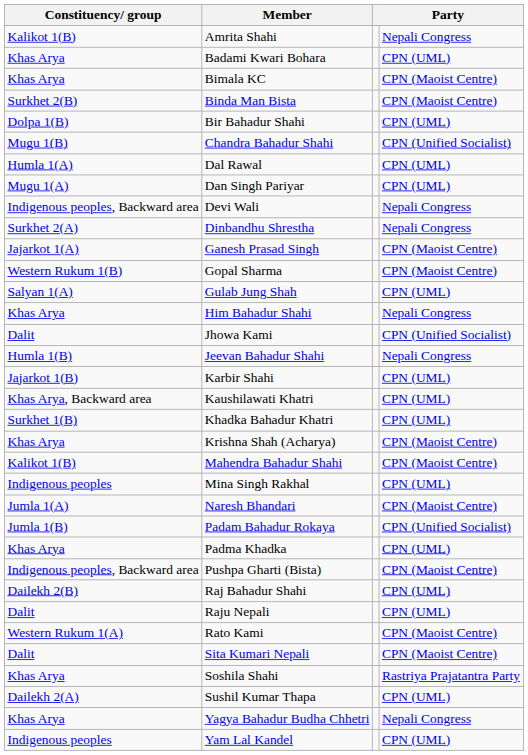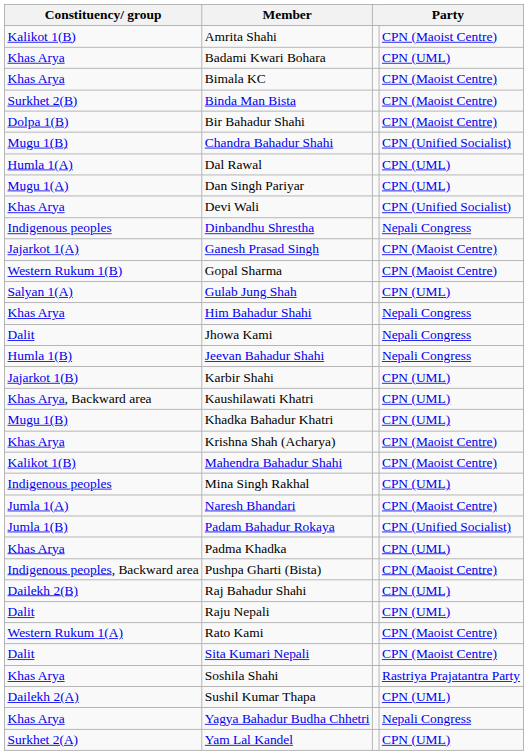 <table class="wikitable sortable">
 <tr>
 <th>Constituency/ group</th>
 <th>Member</th>
 <th colspan="2">Party</th>
 </tr>
 <tr>
 <td><a href='#'>Kalikot 1(B)</a></td>
 <td>Amrita Shahi</td>
 <td></td>
-<td><a href='#'>Nepali Congress</a></td>
+<td><a href='#'>CPN (Maoist Centre)</a></td>
 </tr>
 <tr>
 <td><a href='#'>Khas Arya</a></td>
 <td>Badami Kwari Bohara</td>
 <td></td>
 <td><a href='#'>CPN (UML)</a></td>
 </tr>
 <tr>
 <td><a href='#'>Khas Arya</a></td>
 <td>Bimala KC</td>
 <td></td>
 <td><a href='#'>CPN (Maoist Centre)</a></td>
 </tr>
 <tr>
 <td><a href='#'>Surkhet 2(B)</a></td>
 <td><a href='#'>Binda Man Bista</a></td>
 <td></td>
 <td><a href='#'>CPN (Maoist Centre)</a></td>
 </tr>
 <tr>
 <td><a href='#'>Dolpa 1(B)</a></td>
 <td>Bir Bahadur Shahi</td>
 <td></td>
-<td><a href='#'>CPN (UML)</a></td>
+<td><a href='#'>CPN (Maoist Centre)</a></td>
 </tr>
 <tr>
 <td><a href='#'>Mugu 1(B)</a></td>
 <td><a href='#'>Chandra Bahadur Shahi</a></td>
 <td></td>
 <td><a href='#'>CPN (Unified Socialist)</a></td>
 </tr>
 <tr>
 <td><a href='#'>Humla 1(A)</a></td>
 <td>Dal Rawal</td>
 <td></td>
 <td><a href='#'>CPN (UML)</a></td>
 </tr>
 <tr>
 <td><a href='#'>Mugu 1(A)</a></td>
 <td>Dan Singh Pariyar</td>
 <td></td>
 <td><a href='#'>CPN (UML)</a></td>
 </tr>
 <tr>
-<td><a href='#'>Indigenous peoples</a>, Backward area</td>
+<td><a href='#'>Khas Arya</a></td>
 <td>Devi Wali</td>
 <td></td>
-<td><a href='#'>Nepali Congress</a></td>
+<td><a href='#'>CPN (Unified Socialist)</a></td>
 </tr>
 <tr>
-<td><a href='#'>Surkhet 2(A)</a></td>
+<td><a href='#'>Indigenous peoples</a></td>
 <td><a href='#'>Dinbandhu Shrestha</a></td>
 <td></td>
 <td><a href='#'>Nepali Congress</a></td>
 </tr>
 <tr>
 <td><a href='#'>Jajarkot 1(A)</a></td>
 <td><a href='#'>Ganesh Prasad Singh</a></td>
 <td></td>
 <td><a href='#'>CPN (Maoist Centre)</a></td>
 </tr>
 <tr>
 <td><a href='#'>Western Rukum 1(B)</a></td>
 <td>Gopal Sharma</td>
 <td></td>
 <td><a href='#'>CPN (Maoist Centre)</a></td>
 </tr>
 <tr>
 <td><a href='#'>Salyan 1(A)</a></td>
 <td><a href='#'>Gulab Jung Shah</a></td>
 <td></td>
 <td><a href='#'>CPN (UML)</a></td>
 </tr>
 <tr>
 <td><a href='#'>Khas Arya</a></td>
 <td><a href='#'>Him Bahadur Shahi</a></td>
 <td></td>
 <td><a href='#'>Nepali Congress</a></td>
 </tr>
 <tr>
 <td><a href='#'>Dalit</a></td>
 <td>Jhowa Kami</td>
 <td></td>
-<td><a href='#'>CPN (Unified Socialist)</a></td>
+<td><a href='#'>Nepali Congress</a></td>
 </tr>
 <tr>
 <td><a href='#'>Humla 1(B)</a></td>
 <td><a href='#'>Jeevan Bahadur Shahi</a></td>
 <td></td>
 <td><a href='#'>Nepali Congress</a></td>
 </tr>
 <tr>
 <td><a href='#'>Jajarkot 1(B)</a></td>
 <td>Karbir Shahi</td>
 <td></td>
 <td><a href='#'>CPN (UML)</a></td>
 </tr>
 <tr>
 <td><a href='#'>Khas Arya</a>, Backward area</td>
 <td>Kaushilawati Khatri</td>
 <td></td>
 <td><a href='#'>CPN (UML)</a></td>
 </tr>
 <tr>
-<td><a href='#'>Surkhet 1(B)</a></td>
+<td><a href='#'>Mugu 1(B)</a></td>
 <td>Khadka Bahadur Khatri</td>
 <td></td>
 <td><a href='#'>CPN (UML)</a></td>
 </tr>
 <tr>
 <td><a href='#'>Khas Arya</a></td>
 <td>Krishna Shah (Acharya)</td>
 <td></td>
 <td><a href='#'>CPN (Maoist Centre)</a></td>
 </tr>
 <tr>
 <td><a href='#'>Kalikot 1(B)</a></td>
 <td><a href='#'>Mahendra Bahadur Shahi</a></td>
 <td></td>
 <td><a href='#'>CPN (Maoist Centre)</a></td>
 </tr>
 <tr>
 <td><a href='#'>Indigenous peoples</a></td>
 <td>Mina Singh Rakhal</td>
 <td></td>
 <td><a href='#'>CPN (UML)</a></td>
 </tr>
 <tr>
 <td><a href='#'>Jumla 1(A)</a></td>
 <td><a href='#'>Naresh Bhandari</a></td>
 <td></td>
 <td><a href='#'>CPN (Maoist Centre)</a></td>
 </tr>
 <tr>
 <td><a href='#'>Jumla 1(B)</a></td>
 <td><a href='#'>Padam Bahadur Rokaya</a></td>
 <td></td>
 <td><a href='#'>CPN (Unified Socialist)</a></td>
 </tr>
 <tr>
 <td><a href='#'>Khas Arya</a></td>
 <td>Padma Khadka</td>
 <td></td>
 <td><a href='#'>CPN (UML)</a></td>
 </tr>
 <tr>
 <td><a href='#'>Indigenous peoples</a>, Backward area</td>
 <td>Pushpa Gharti (Bista)</td>
 <td></td>
 <td><a href='#'>CPN (Maoist Centre)</a></td>
 </tr>
 <tr>
 <td><a href='#'>Dailekh 2(B)</a></td>
 <td>Raj Bahadur Shahi</td>
 <td></td>
 <td><a href='#'>CPN (UML)</a></td>
 </tr>
 <tr>
 <td><a href='#'>Dalit</a></td>
 <td>Raju Nepali</td>
 <td></td>
 <td><a href='#'>CPN (UML)</a></td>
 </tr>
 <tr>
 <td><a href='#'>Western Rukum 1(A)</a></td>
 <td>Rato Kami</td>
 <td></td>
 <td><a href='#'>CPN (Maoist Centre)</a></td>
 </tr>
 <tr>
 <td><a href='#'>Dalit</a></td>
 <td><a href='#'>Sita Kumari Nepali</a></td>
 <td></td>
 <td><a href='#'>CPN (Maoist Centre)</a></td>
 </tr>
 <tr>
 <td><a href='#'>Khas Arya</a></td>
 <td>Soshila Shahi</td>
 <td></td>
 <td><a href='#'>Rastriya Prajatantra Party</a></td>
 </tr>
 <tr>
 <td><a href='#'>Dailekh 2(A)</a></td>
 <td>Sushil Kumar Thapa</td>
 <td></td>
 <td><a href='#'>CPN (UML)</a></td>
 </tr>
 <tr>
 <td><a href='#'>Khas Arya</a></td>
 <td><a href='#'>Yagya Bahadur Budha Chhetri</a></td>
 <td></td>
 <td><a href='#'>Nepali Congress</a></td>
 </tr>
 <tr>
-<td><a href='#'>Indigenous peoples</a></td>
+<td><a href='#'>Surkhet 2(A)</a></td>
 <td><a href='#'>Yam Lal Kandel</a></td>
 <td></td>
 <td><a href='#'>CPN (UML)</a></td>
 </tr>
 </table>
